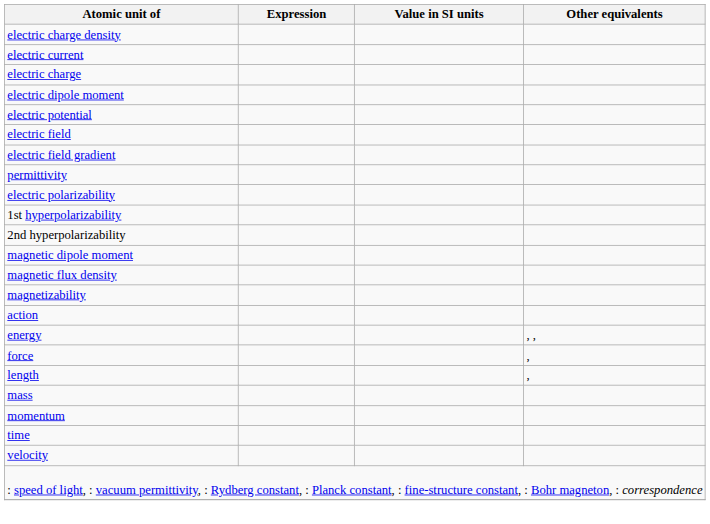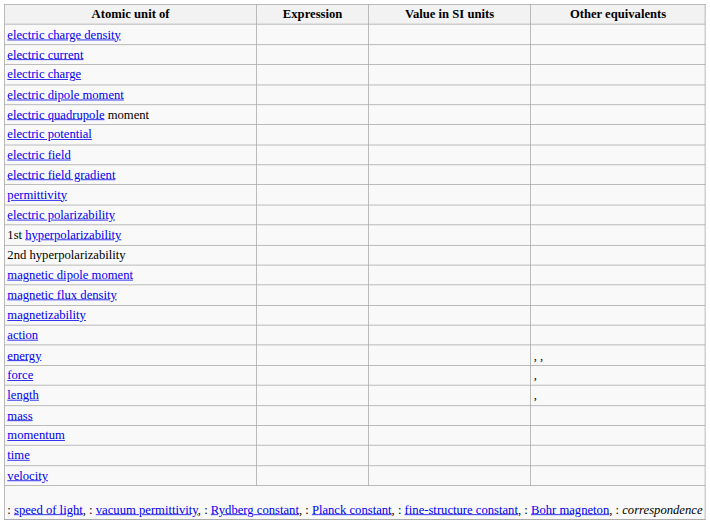 <table class="wikitable">
 <tr>
 <th scope="col">Atomic unit of</th>
 <th scope="col">Expression</th>
 <th scope="col">Value in SI units</th>
 <th scope="col">Other equivalents</th>
 </tr>
 <tr>
 <td><a href='#'>electric charge density</a></td>
 <td></td>
 <td> </td>
 <td></td>
 </tr>
 <tr>
 <td><a href='#'>electric current</a></td>
 <td></td>
 <td> </td>
 <td></td>
 </tr>
 <tr>
 <td><a href='#'>electric charge</a></td>
 <td></td>
 <td> </td>
 <td></td>
 </tr>
 <tr>
 <td><a href='#'>electric dipole moment</a></td>
 <td></td>
 <td> </td>
 <td> </td>
+</tr>
+<tr>
+<td><a href='#'>electric quadrupole</a> moment</td>
+<td></td>
+<td> </td>
+<td></td>
 </tr>
 <tr>
 <td><a href='#'>electric potential</a></td>
 <td></td>
 <td> </td>
 <td></td>
 </tr>
 <tr>
 <td><a href='#'>electric field</a></td>
 <td></td>
 <td> </td>
 <td></td>
 </tr>
 <tr>
 <td><a href='#'>electric field gradient</a></td>
 <td></td>
 <td> </td>
 <td></td>
 </tr>
 <tr>
 <td><a href='#'>permittivity</a></td>
 <td></td>
 <td> </td>
 <td></td>
 </tr>
 <tr>
 <td><a href='#'>electric polarizability</a></td>
 <td></td>
 <td> </td>
 <td></td>
 </tr>
 <tr>
 <td>1st <a href='#'>hyperpolarizability</a></td>
 <td></td>
 <td> </td>
 <td></td>
 </tr>
 <tr>
 <td>2nd hyperpolarizability</td>
 <td></td>
 <td> </td>
 <td></td>
 </tr>
 <tr>
 <td><a href='#'>magnetic dipole moment</a></td>
 <td></td>
 <td> </td>
 <td></td>
 </tr>
 <tr>
 <td><a href='#'>magnetic flux density</a></td>
 <td></td>
 <td> </td>
 <td> </td>
 </tr>
 <tr>
 <td><a href='#'>magnetizability</a></td>
 <td></td>
 <td> </td>
 <td></td>
 </tr>
 <tr>
 <td><a href='#'>action</a></td>
 <td></td>
 <td> </td>
 <td></td>
 </tr>
 <tr>
 <td><a href='#'>energy</a></td>
 <td></td>
 <td> </td>
 <td>, ,  </td>
 </tr>
 <tr>
 <td><a href='#'>force</a></td>
 <td></td>
 <td> </td>
 <td>, </td>
 </tr>
 <tr>
 <td><a href='#'>length</a></td>
 <td></td>
 <td> </td>
 <td>, </td>
 </tr>
 <tr>
 <td><a href='#'>mass</a></td>
 <td></td>
 <td> </td>
 <td></td>
 </tr>
 <tr>
 <td><a href='#'>momentum</a></td>
 <td></td>
 <td> </td>
 <td></td>
 </tr>
 <tr>
 <td><a href='#'>time</a></td>
 <td></td>
 <td> </td>
 <td></td>
 </tr>
 <tr>
 <td><a href='#'>velocity</a></td>
 <td></td>
 <td> </td>
 <td></td>
 </tr>
 <tr>
 <td colspan=4><br>: <a href='#'>speed&nbsp;of&nbsp;light</a>, : <a href='#'>vacuum&nbsp;permittivity</a>, : <a href='#'>Rydberg&nbsp;constant</a>, : <a href='#'>Planck constant</a>, : <a href='#'>fine-structure&nbsp;constant</a>, : <a href='#'>Bohr&nbsp;magneton</a>, : <em>correspondence</em></td>
 </tr>
 <tr>
 </tr>
 </table>
